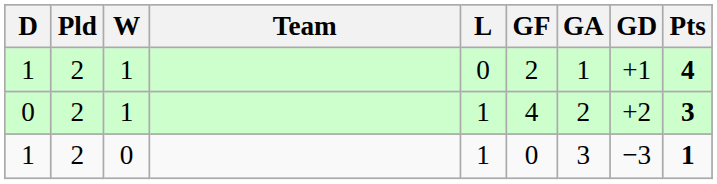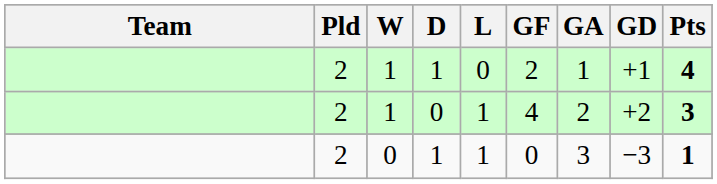 <table class="wikitable" style="text-align: center;">
 <tr>
-<th width="20">D</th>
+<th width="175">Team</th>
 <th width="20">Pld</th>
 <th width="20">W</th>
-<th width="175">Team</th>
+<th width="20">D</th>
 <th width="20">L</th>
 <th width="20">GF</th>
 <th width="20">GA</th>
 <th width="20">GD</th>
 <th width="20">Pts</th>
 </tr>
 <tr bgcolor=#ccffcc>
-<td>1</td>
+<td align=left></td>
 <td>2</td>
 <td>1</td>
-<td align=left></td>
+<td>1</td>
 <td>0</td>
 <td>2</td>
 <td>1</td>
 <td>+1</td>
 <td><strong>4</strong></td>
 </tr>
 <tr bgcolor=#ccffcc>
-<td>0</td>
+<td align=left></td>
 <td>2</td>
 <td>1</td>
-<td align=left></td>
+<td>0</td>
 <td>1</td>
 <td>4</td>
 <td>2</td>
 <td>+2</td>
 <td><strong>3</strong></td>
 </tr>
 <tr>
-<td>1</td>
+<td align=left></td>
 <td>2</td>
 <td>0</td>
-<td align=left></td>
+<td>1</td>
 <td>1</td>
 <td>0</td>
 <td>3</td>
 <td>−3</td>
 <td><strong>1</strong></td>
 </tr>
 </table>
